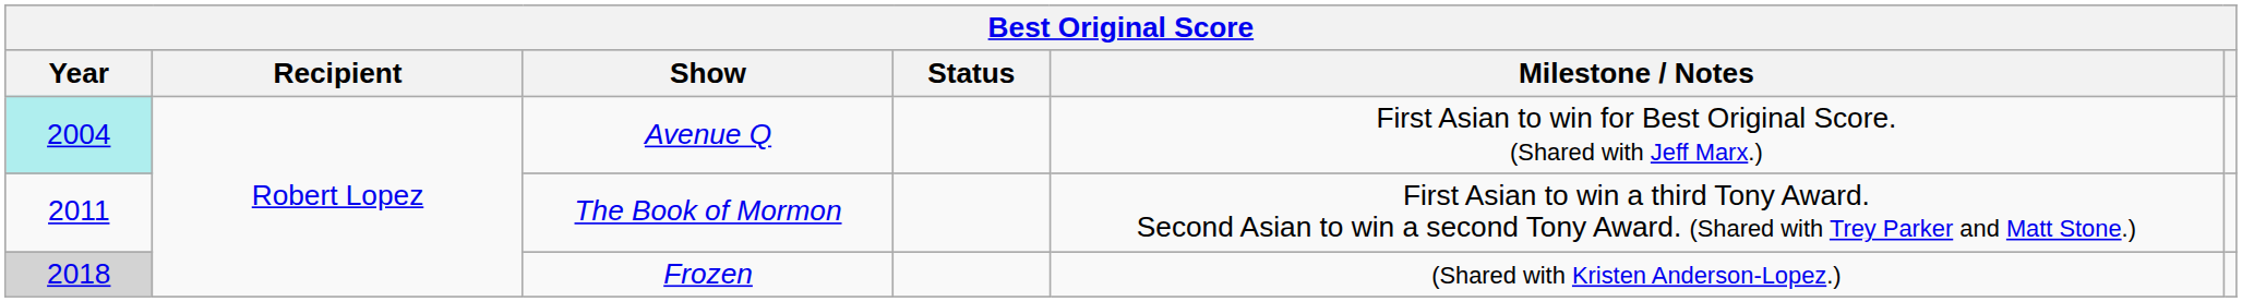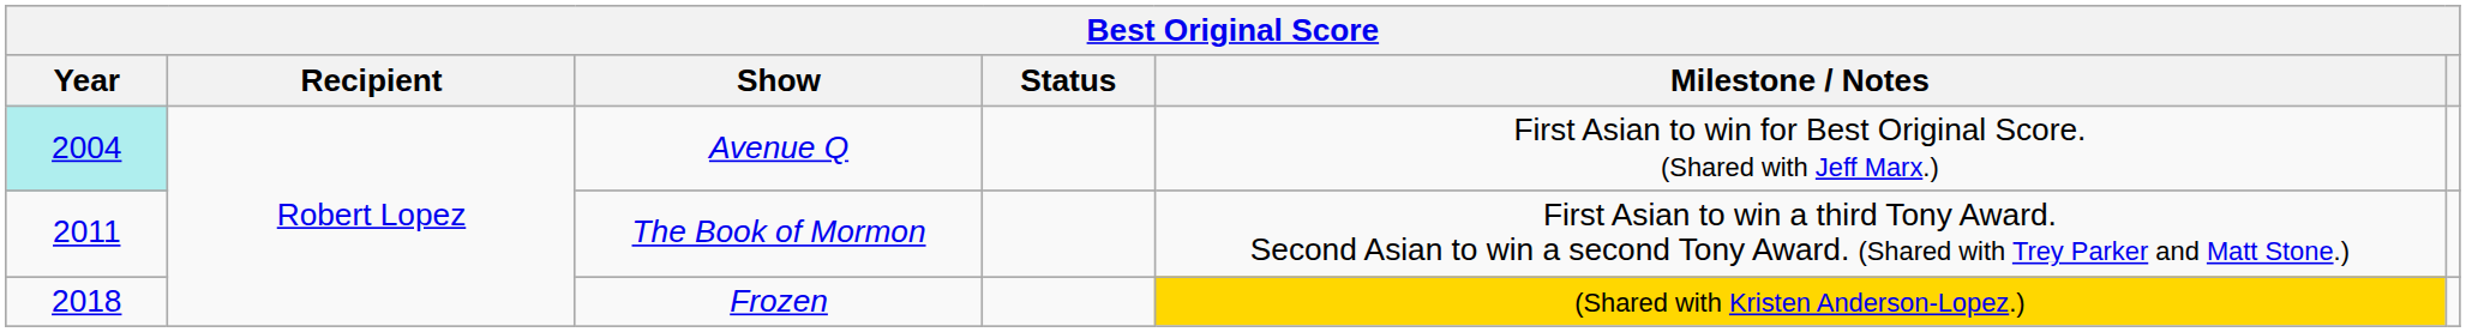 <table class="wikitable sortable" style="text-align: center">
 <tr>
 <th colspan="6" style="text-align:center;"><strong><a href='#'>Best Original Score</a></strong></th>
 </tr>
 <tr style="background:#ebft5ff;">
 <th style="width:075px;">Year</th>
 <th style="width:200px;">Recipient</th>
 <th style="width:200px;">Show</th>
 <th style="width:080px;">Status</th>
 <th style="width:650px;">Milestone / Notes</th>
 <th></th>
 </tr>
 <tr>
 <td style="background: paleturquoise;"><a href='#'>2004</a></td>
 <td rowspan="3"><a href='#'>Robert Lopez</a></td>
 <td><em><a href='#'>Avenue Q</a></em></td>
 <td></td>
 <td>First Asian to win for Best Original Score.<br><small>(Shared with <a href='#'>Jeff Marx</a>.)</small></td>
 <td></td>
 </tr>
 <tr>
 <td><a href='#'>2011</a></td>
 <td><em><a href='#'>The Book of Mormon</a></em></td>
 <td></td>
 <td>First Asian to win a third Tony Award.<br>Second Asian to win a second Tony Award. <small>(Shared with <a href='#'>Trey Parker</a> and <a href='#'>Matt Stone</a>.)</small></td>
 <td></td>
 </tr>
 <tr>
-<td style="background: lightgrey;"><a href='#'>2018</a></td>
+<td><a href='#'>2018</a></td>
 <td><em><a href='#'>Frozen</a></em></td>
 <td></td>
-<td><small>(Shared with <a href='#'>Kristen Anderson-Lopez</a>.)</small></td>
+<td style="background: gold;"><small>(Shared with <a href='#'>Kristen Anderson-Lopez</a>.)</small></td>
 <td></td>
 </tr>
 </table>
